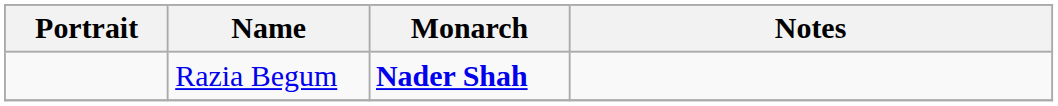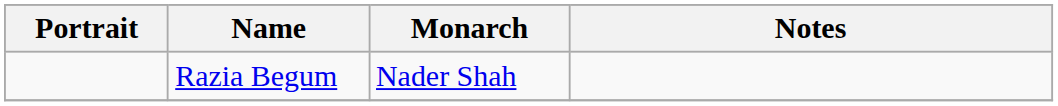 <table class="wikitable">
 <tr>
 <th width="80pt">Portrait</th>
 <th width="100pt">Name</th>
 <th width="100pt">Monarch</th>
 <th width="250pt">Notes</th>
 </tr>
 <tr>
 <td></td>
 <td><a href='#'>Razia Begum</a></td>
-<td><strong><a href='#'>Nader Shah</a></strong></td>
+<td><a href='#'>Nader Shah</a></td>
 <td></td>
 </tr>
 <tr>
 </tr>
 </table>
